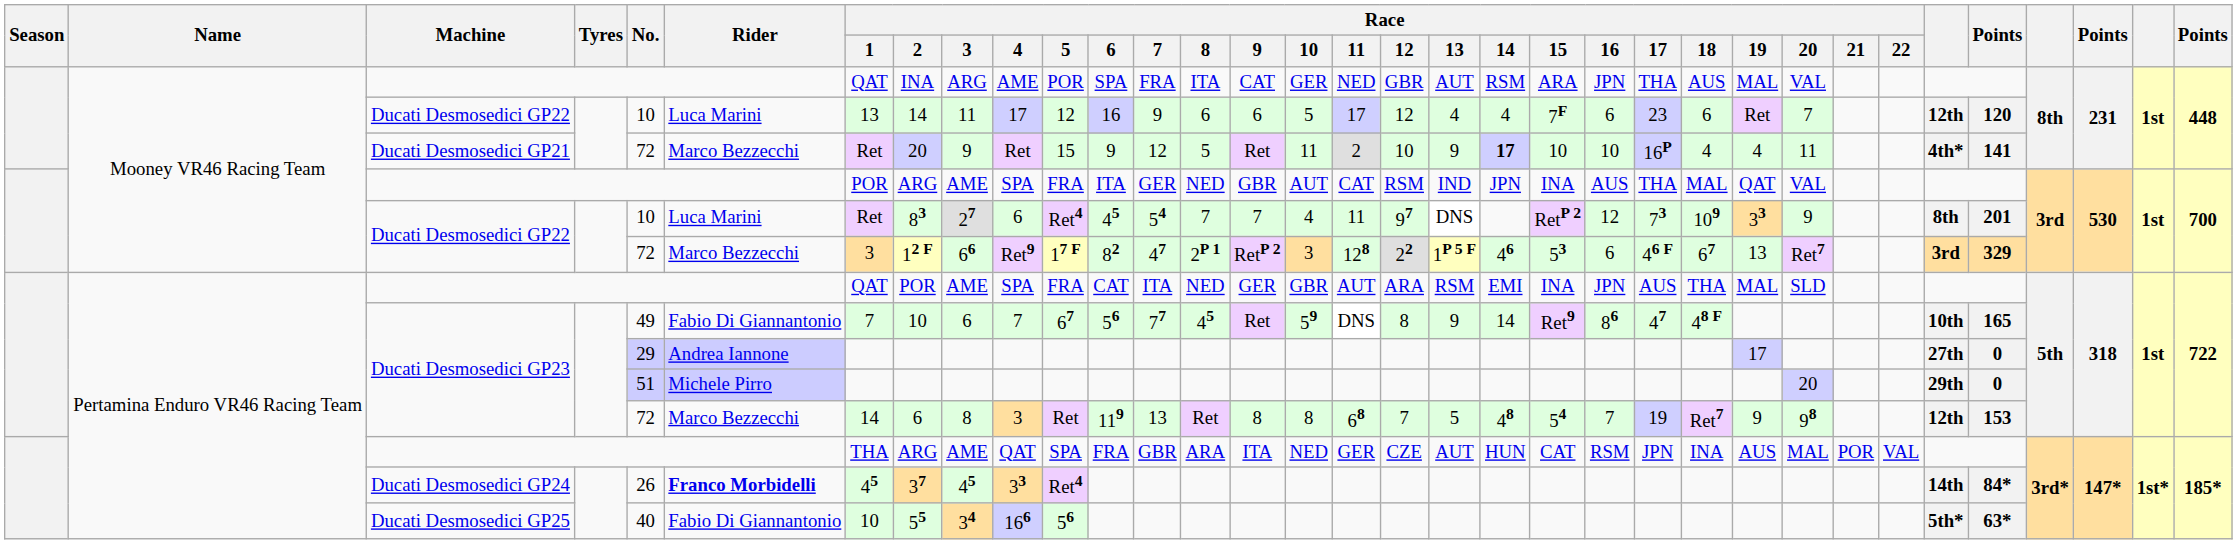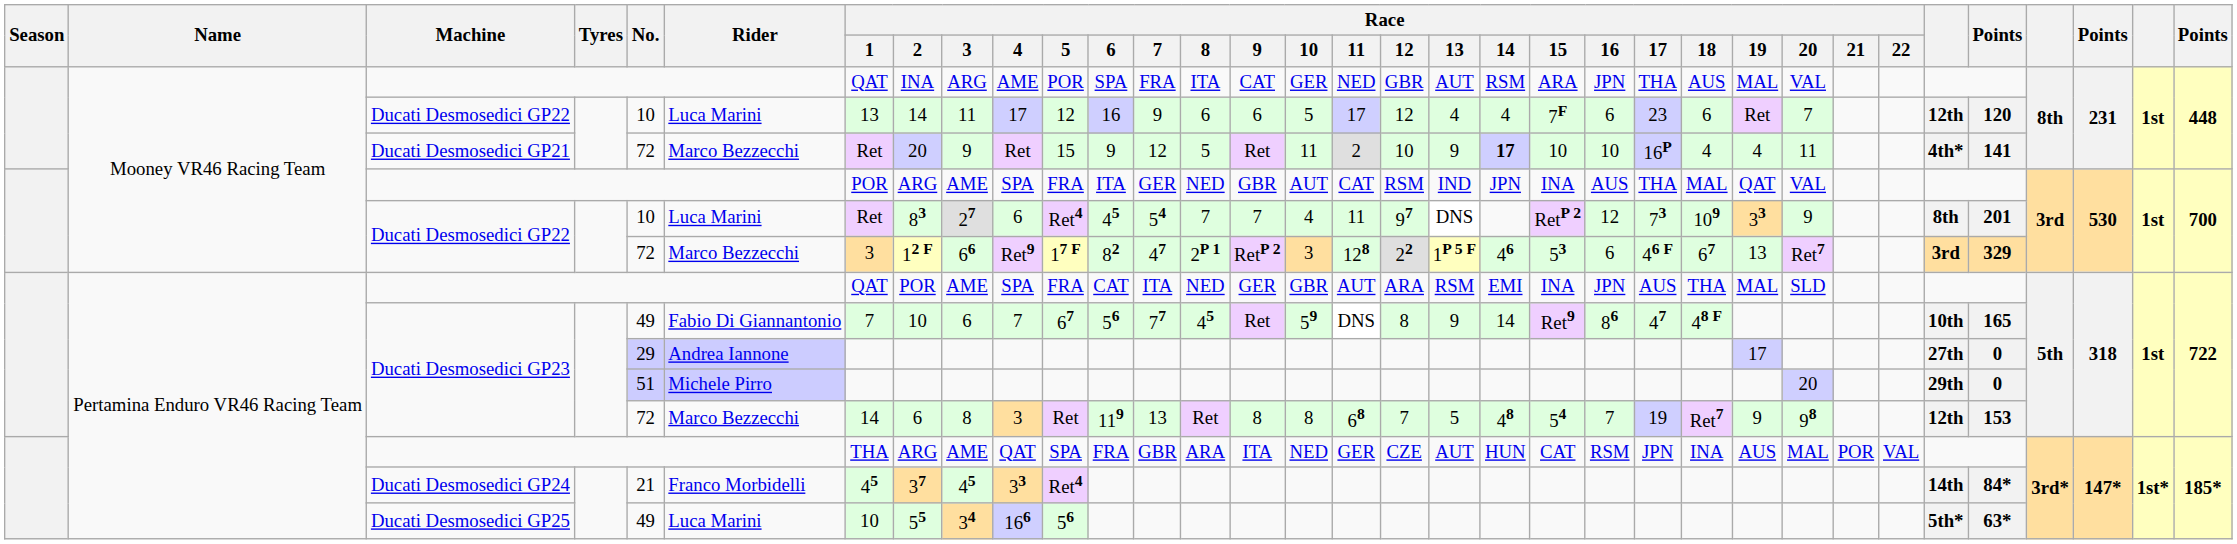 <table class="wikitable" style="text-align:center; font-size:85%;">
 <tr>
 <th rowspan="2">Season</th>
 <th rowspan="2">Name</th>
 <th rowspan="2">Machine</th>
 <th rowspan="2">Tyres</th>
 <th rowspan="2">No.</th>
 <th rowspan="2">Rider</th>
 <th colspan="22">Race</th>
 <th rowspan="2"></th>
 <th rowspan="2">Points</th>
 <th rowspan="2"></th>
 <th rowspan="2">Points</th>
 <th rowspan="2"></th>
 <th rowspan="2">Points</th>
 </tr>
 <tr>
 <th>1</th>
 <th>2</th>
 <th>3</th>
 <th>4</th>
 <th>5</th>
 <th>6</th>
 <th>7</th>
 <th>8</th>
 <th>9</th>
 <th>10</th>
 <th>11</th>
 <th>12</th>
 <th>13</th>
 <th>14</th>
 <th>15</th>
 <th>16</th>
 <th>17</th>
 <th>18</th>
 <th>19</th>
 <th>20</th>
 <th>21</th>
 <th>22</th>
 </tr>
 <tr>
 <th rowspan="3"></th>
 <td rowspan="6">Mooney VR46 Racing Team</td>
 <td colspan="4"></td>
 <td><a href='#'>QAT</a></td>
 <td><a href='#'>INA</a></td>
 <td><a href='#'>ARG</a></td>
 <td><a href='#'>AME</a></td>
 <td><a href='#'>POR</a></td>
 <td><a href='#'>SPA</a></td>
 <td><a href='#'>FRA</a></td>
 <td><a href='#'>ITA</a></td>
 <td><a href='#'>CAT</a></td>
 <td><a href='#'>GER</a></td>
 <td><a href='#'>NED</a></td>
 <td><a href='#'>GBR</a></td>
 <td><a href='#'>AUT</a></td>
 <td><a href='#'>RSM</a></td>
 <td><a href='#'>ARA</a></td>
 <td><a href='#'>JPN</a></td>
 <td><a href='#'>THA</a></td>
 <td><a href='#'>AUS</a></td>
 <td><a href='#'>MAL</a></td>
 <td><a href='#'>VAL</a></td>
 <td></td>
 <td></td>
 <td colspan="2"></td>
 <th rowspan="3">8th</th>
 <th rowspan="3">231</th>
 <th rowspan="3" style="background:#FFFFBF;">1st</th>
 <th rowspan="3" style="background:#FFFFBF;">448</th>
 </tr>
 <tr>
 <td><a href='#'>Ducati Desmosedici GP22</a></td>
 <td rowspan="2"></td>
 <td>10</td>
 <td style="text-align:left;"> <a href='#'>Luca Marini</a></td>
 <td style="background:#dfffdf;">13</td>
 <td style="background:#dfffdf;">14</td>
 <td style="background:#dfffdf;">11</td>
 <td style="background:#cfcfff;">17</td>
 <td style="background:#dfffdf;">12</td>
 <td style="background:#cfcfff;">16</td>
 <td style="background:#dfffdf;">9</td>
 <td style="background:#dfffdf;">6</td>
 <td style="background:#dfffdf;">6</td>
 <td style="background:#dfffdf;">5</td>
 <td style="background:#cfcfff;">17</td>
 <td style="background:#dfffdf;">12</td>
 <td style="background:#dfffdf;">4</td>
 <td style="background:#dfffdf;">4</td>
 <td style="background:#dfffdf;">7<sup><strong>F</strong></sup></td>
 <td style="background:#dfffdf;">6</td>
 <td style="background:#cfcfff;">23</td>
 <td style="background:#dfffdf;">6</td>
 <td style="background:#efcfff;">Ret</td>
 <td style="background:#dfffdf;">7</td>
 <td></td>
 <td></td>
 <th>12th</th>
 <th>120</th>
 </tr>
 <tr>
 <td><a href='#'>Ducati Desmosedici GP21</a></td>
 <td>72</td>
 <td style="text-align:left;"> <a href='#'>Marco Bezzecchi</a></td>
 <td style="background:#efcfff;">Ret</td>
 <td style="background:#cfcfff;">20</td>
 <td style="background:#dfffdf;">9</td>
 <td style="background:#efcfff;">Ret</td>
 <td style="background:#dfffdf;">15</td>
 <td style="background:#dfffdf;">9</td>
 <td style="background:#dfffdf;">12</td>
 <td style="background:#dfffdf;">5</td>
 <td style="background:#efcfff;">Ret</td>
 <td style="background:#dfffdf;">11</td>
 <td style="background:#dfdfdf;">2</td>
 <td style="background:#dfffdf;">10</td>
 <td style="background:#dfffdf;">9</td>
 <td style="background:#cfcfff;"><strong>17</strong></td>
 <td style="background:#dfffdf;">10</td>
 <td style="background:#dfffdf;">10</td>
 <td style="background:#cfcfff;">16<sup><strong>P</strong></sup></td>
 <td style="background:#dfffdf;">4</td>
 <td style="background:#dfffdf;">4</td>
 <td style="background:#dfffdf;">11</td>
 <td></td>
 <td></td>
 <th>4th*</th>
 <th>141</th>
 </tr>
 <tr>
 <th rowspan="3"></th>
 <td colspan="4"></td>
 <td><a href='#'>POR</a></td>
 <td><a href='#'>ARG</a></td>
 <td><a href='#'>AME</a></td>
 <td><a href='#'>SPA</a></td>
 <td><a href='#'>FRA</a></td>
 <td><a href='#'>ITA</a></td>
 <td><a href='#'>GER</a></td>
 <td><a href='#'>NED</a></td>
 <td><a href='#'>GBR</a></td>
 <td><a href='#'>AUT</a></td>
 <td><a href='#'>CAT</a></td>
 <td><a href='#'>RSM</a></td>
 <td><a href='#'>IND</a></td>
 <td><a href='#'>JPN</a></td>
 <td><a href='#'>INA</a></td>
 <td><a href='#'>AUS</a></td>
 <td><a href='#'>THA</a></td>
 <td><a href='#'>MAL</a></td>
 <td><a href='#'>QAT</a></td>
 <td><a href='#'>VAL</a></td>
 <td></td>
 <td></td>
 <td colspan="2"></td>
 <th rowspan="3" style="background:#FFDF9F;">3rd</th>
 <th rowspan="3" style="background:#FFDF9F;">530</th>
 <th rowspan="3" style="background:#FFFFBF;">1st</th>
 <th rowspan="3" style="background:#FFFFBF;">700</th>
 </tr>
 <tr>
 <td rowspan="2"><a href='#'>Ducati Desmosedici GP22</a></td>
 <td rowspan="2"></td>
 <td>10</td>
 <td style="text-align:left;"> <a href='#'>Luca Marini</a></td>
 <td style="background:#efcfff;">Ret</td>
 <td style="background:#dfffdf;">8<sup><strong>3</strong></sup></td>
 <td style="background:#dfdfdf;">2<sup><strong>7</strong></sup></td>
 <td style="background:#dfffdf;">6</td>
 <td style="background:#efcfff;">Ret<sup><strong>4</strong></sup></td>
 <td style="background:#dfffdf;">4<sup><strong>5</strong></sup></td>
 <td style="background:#dfffdf;">5<sup><strong>4</strong></sup></td>
 <td style="background:#dfffdf;">7</td>
 <td style="background:#dfffdf;">7</td>
 <td style="background:#dfffdf;">4</td>
 <td style="background:#dfffdf;">11</td>
 <td style="background:#dfffdf;">9<sup><strong>7</strong></sup></td>
 <td style="background:#ffffff;">DNS</td>
 <td></td>
 <td style="background:#efcfff;">Ret<sup><strong>P 2</strong></sup></td>
 <td style="background:#dfffdf;">12</td>
 <td style="background:#dfffdf;">7<sup><strong>3</strong></sup></td>
 <td style="background:#dfffdf;">10<sup><strong>9</strong></sup></td>
 <td style="background:#ffdf9f;">3<sup><strong>3</strong></sup></td>
 <td style="background:#dfffdf;">9</td>
 <td></td>
 <td></td>
 <th>8th</th>
 <th>201</th>
 </tr>
 <tr>
 <td>72</td>
 <td style="text-align:left;"> <a href='#'>Marco Bezzecchi</a></td>
 <td style="background:#ffdf9f;">3</td>
 <td style="background:#ffffbf;">1<sup><strong>2 F</strong></sup></td>
 <td style="background:#dfffdf;">6<sup><strong>6</strong></sup></td>
 <td style="background:#efcfff;">Ret<sup><strong>9</strong></sup></td>
 <td style="background:#ffffbf;">1<sup><strong>7 F</strong></sup></td>
 <td style="background:#DFFFDF;">8<sup><strong>2</strong></sup></td>
 <td style="background:#dfffdf;">4<sup><strong>7</strong></sup></td>
 <td style="background:#dfffdf;">2<sup><strong>P 1</strong></sup></td>
 <td style="background:#efcfff;">Ret<sup><strong>P 2</strong></sup></td>
 <td style="background:#ffdf9f;">3</td>
 <td style="background:#dfffdf;">12<sup><strong>8</strong></sup></td>
 <td style="background:#dfdfdf;">2<sup><strong>2</strong></sup></td>
 <td style="background:#ffffbf;">1<sup><strong>P 5 F</strong></sup></td>
 <td style="background:#dfffdf;">4<sup><strong>6</strong></sup></td>
 <td style="background:#dfffdf;">5<sup><strong>3</strong></sup></td>
 <td style="background:#dfffdf;">6</td>
 <td style="background:#dfffdf;">4<sup><strong>6 F</strong></sup></td>
 <td style="background:#dfffdf;">6<sup><strong>7</strong></sup></td>
 <td style="background:#dfffdf;">13</td>
 <td style="background:#efcfff;">Ret<sup><strong>7</strong></sup></td>
 <td></td>
 <td></td>
 <th style="background:#ffdf9f;">3rd</th>
 <th style="background:#ffdf9f;">329</th>
 </tr>
 <tr>
 <th rowspan="5"></th>
 <td rowspan="8">Pertamina Enduro VR46 Racing Team</td>
 <td colspan="4"></td>
 <td><a href='#'>QAT</a></td>
 <td><a href='#'>POR</a></td>
 <td><a href='#'>AME</a></td>
 <td><a href='#'>SPA</a></td>
 <td><a href='#'>FRA</a></td>
 <td><a href='#'>CAT</a></td>
 <td><a href='#'>ITA</a></td>
 <td><a href='#'>NED</a></td>
 <td><a href='#'>GER</a></td>
 <td><a href='#'>GBR</a></td>
 <td><a href='#'>AUT</a></td>
 <td><a href='#'>ARA</a></td>
 <td><a href='#'>RSM</a></td>
 <td><a href='#'>EMI</a></td>
 <td><a href='#'>INA</a></td>
 <td><a href='#'>JPN</a></td>
 <td><a href='#'>AUS</a></td>
 <td><a href='#'>THA</a></td>
 <td><a href='#'>MAL</a></td>
 <td><a href='#'>SLD</a></td>
 <td></td>
 <td></td>
 <td colspan="2"></td>
 <th rowspan="5">5th</th>
 <th rowspan="5">318</th>
 <th rowspan="5" style="background:#FFFFBF;">1st</th>
 <th rowspan="5" style="background:#FFFFBF;">722</th>
 </tr>
 <tr>
 <td rowspan="4"><a href='#'>Ducati Desmosedici GP23</a></td>
 <td rowspan="4"></td>
 <td>49</td>
 <td style="text-align:left;"> <a href='#'>Fabio Di Giannantonio</a></td>
 <td style="background:#DFFFDF;">7</td>
 <td style="background:#DFFFDF;">10</td>
 <td style="background:#DFFFDF;">6</td>
 <td style="background:#DFFFDF;">7</td>
 <td style="background:#DFFFDF;">6<sup><strong>7</strong></sup></td>
 <td style="background:#DFFFDF;">5<sup><strong>6</strong></sup></td>
 <td style="background:#DFFFDF;">7<sup><strong>7</strong></sup></td>
 <td style="background:#DFFFDF;">4<sup><strong>5</strong></sup></td>
 <td style="background:#EFCFFF;">Ret</td>
 <td style="background:#DFFFDF;">5<sup><strong>9</strong></sup></td>
 <td style="background:#FFFFFF;">DNS</td>
 <td style="background:#DFFFDF;">8</td>
 <td style="background:#DFFFDF;">9</td>
 <td style="background:#DFFFDF;">14</td>
 <td style="background:#EFCFFF;">Ret<sup><strong>9</strong></sup></td>
 <td style="background:#DFFFDF;">8<sup><strong>6</strong></sup></td>
 <td style="background:#DFFFDF;">4<sup><strong>7</strong></sup></td>
 <td style="background:#DFFFDF;">4<sup><strong>8 F</strong></sup></td>
 <td></td>
 <td></td>
 <td></td>
 <td></td>
 <th>10th</th>
 <th>165</th>
 </tr>
 <tr>
 <td style="background:#CCCCFF;">29</td>
 <td style="background:#CCCCFF; text-align:left;"> <a href='#'>Andrea Iannone</a></td>
 <td></td>
 <td></td>
 <td></td>
 <td></td>
 <td></td>
 <td></td>
 <td></td>
 <td></td>
 <td></td>
 <td></td>
 <td></td>
 <td></td>
 <td></td>
 <td></td>
 <td></td>
 <td></td>
 <td></td>
 <td></td>
 <td style="background:#CFCFFF;">17</td>
 <td></td>
 <td></td>
 <td></td>
 <th>27th</th>
 <th>0</th>
 </tr>
 <tr>
 <td style="background:#CCCCFF;">51</td>
 <td style="background:#CCCCFF; text-align:left;"> <a href='#'>Michele Pirro</a></td>
 <td></td>
 <td></td>
 <td></td>
 <td></td>
 <td></td>
 <td></td>
 <td></td>
 <td></td>
 <td></td>
 <td></td>
 <td></td>
 <td></td>
 <td></td>
 <td></td>
 <td></td>
 <td></td>
 <td></td>
 <td></td>
 <td></td>
 <td style="background:#CFCFFF;">20</td>
 <td></td>
 <td></td>
 <th>29th</th>
 <th>0</th>
 </tr>
 <tr>
 <td>72</td>
 <td style="text-align:left;"> <a href='#'>Marco Bezzecchi</a></td>
 <td style="background:#DFFFDF;">14</td>
 <td style="background:#DFFFDF;">6</td>
 <td style="background:#DFFFDF;">8</td>
 <td style="background:#FFDF9F;">3</td>
 <td style="background:#EFCFFF;">Ret</td>
 <td style="background:#DFFFDF;">11<sup><strong>9</strong></sup></td>
 <td style="background:#DFFFDF;">13</td>
 <td style="background:#EFCFFF;">Ret</td>
 <td style="background:#DFFFDF;">8</td>
 <td style="background:#DFFFDF;">8</td>
 <td style="background:#DFFFDF;">6<sup><strong>8</strong></sup></td>
 <td style="background:#DFFFDF;">7</td>
 <td style="background:#DFFFDF;">5</td>
 <td style="background:#DFFFDF;">4<sup><strong>8</strong></sup></td>
 <td style="background:#DFFFDF;">5<sup><strong>4</strong></sup></td>
 <td style="background:#DFFFDF;">7</td>
 <td style="background:#CFCFFF;">19</td>
 <td style="background:#EFCFFF;">Ret<sup><strong>7</strong></sup></td>
 <td style="background:#DFFFDF;">9</td>
 <td style="background:#DFFFDF;">9<sup><strong>8</strong></sup></td>
 <td></td>
 <td></td>
 <th>12th</th>
 <th>153</th>
 </tr>
 <tr>
 <th rowspan="3"></th>
 <td colspan="4"></td>
 <td><a href='#'>THA</a></td>
 <td><a href='#'>ARG</a></td>
 <td><a href='#'>AME</a></td>
 <td><a href='#'>QAT</a></td>
 <td><a href='#'>SPA</a></td>
 <td><a href='#'>FRA</a></td>
 <td><a href='#'>GBR</a></td>
 <td><a href='#'>ARA</a></td>
 <td><a href='#'>ITA</a></td>
 <td><a href='#'>NED</a></td>
 <td><a href='#'>GER</a></td>
 <td><a href='#'>CZE</a></td>
 <td><a href='#'>AUT</a></td>
 <td><a href='#'>HUN</a></td>
 <td><a href='#'>CAT</a></td>
 <td><a href='#'>RSM</a></td>
 <td><a href='#'>JPN</a></td>
 <td><a href='#'>INA</a></td>
 <td><a href='#'>AUS</a></td>
 <td><a href='#'>MAL</a></td>
 <td><a href='#'>POR</a></td>
 <td><a href='#'>VAL</a></td>
 <td colspan="2"></td>
 <th rowspan="3" style="background:#FFDF9F;">3rd*</th>
 <th rowspan="3" style="background:#FFDF9F;">147*</th>
 <th rowspan="3" style="background:#FFFFBF;">1st*</th>
 <th rowspan="3" style="background:#FFFFBF;">185*</th>
 </tr>
 <tr>
 <td><a href='#'>Ducati Desmosedici GP24</a></td>
 <td rowspan="2"></td>
-<td>26</td>
-<td style="text-align:left;"><strong> <a href='#'>Franco Morbidelli</a></strong></td>
+<td>21</td>
+<td style="text-align:left;"> <a href='#'>Franco Morbidelli</a></td>
 <td style="background:#DFFFDF;">4<sup><strong>5</strong></sup></td>
 <td style="background:#FFDF9F;">3<sup><strong>7</strong></sup></td>
 <td style="background:#DFFFDF;">4<sup><strong>5</strong></sup></td>
 <td style="background:#FFDF9F;">3<sup><strong>3</strong></sup></td>
 <td style="background:#EFCFFF;">Ret<sup><strong>4</strong></sup></td>
 <td style="background:#;"></td>
 <td style="background:#;"></td>
 <td style="background:#;"></td>
 <td style="background:#;"></td>
 <td style="background:#;"></td>
 <td style="background:#;"></td>
 <td style="background:#;"></td>
 <td style="background:#;"></td>
 <td style="background:#;"></td>
 <td style="background:#;"></td>
 <td style="background:#;"></td>
 <td style="background:#;"></td>
 <td style="background:#;"></td>
 <td style="background:#;"></td>
 <td style="background:#;"></td>
 <td style="background:#;"></td>
 <td style="background:#;"></td>
 <th>14th</th>
 <th>84*</th>
 </tr>
 <tr>
 <td><a href='#'>Ducati Desmosedici GP25</a></td>
-<td>40</td>
-<td style="text-align:left;"> <a href='#'>Fabio Di Giannantonio</a></td>
+<td>49</td>
+<td style="text-align:left;"> <a href='#'>Luca Marini</a></td>
 <td style="background:#DFFFDF;">10</td>
 <td style="background:#DFFFDF;">5<sup><strong>5</strong></sup></td>
 <td style="background:#FFDF9F;">3<sup><strong>4</strong></sup></td>
 <td style="background:#CFCFFF;">16<sup><strong>6</strong></sup></td>
 <td style="background:#DFFFDF;">5<sup><strong>6</strong></sup></td>
 <td style="background:#;"></td>
 <td style="background:#;"></td>
 <td style="background:#;"></td>
 <td style="background:#;"></td>
 <td style="background:#;"></td>
 <td style="background:#;"></td>
 <td style="background:#;"></td>
 <td style="background:#;"></td>
 <td style="background:#;"></td>
 <td style="background:#;"></td>
 <td style="background:#;"></td>
 <td style="background:#;"></td>
 <td style="background:#;"></td>
 <td style="background:#;"></td>
 <td style="background:#;"></td>
 <td style="background:#;"></td>
 <td style="background:#;"></td>
 <th>5th*</th>
 <th>63*</th>
 </tr>
 </table>
